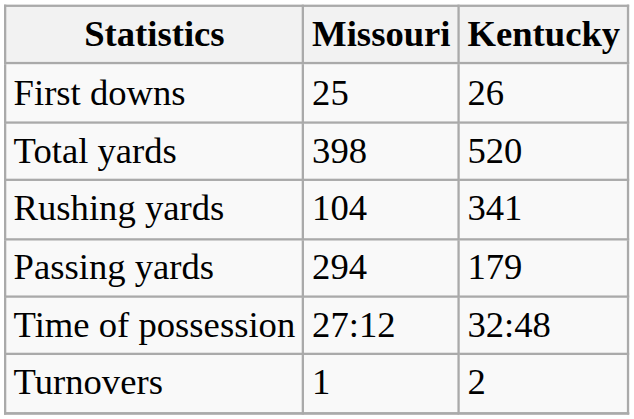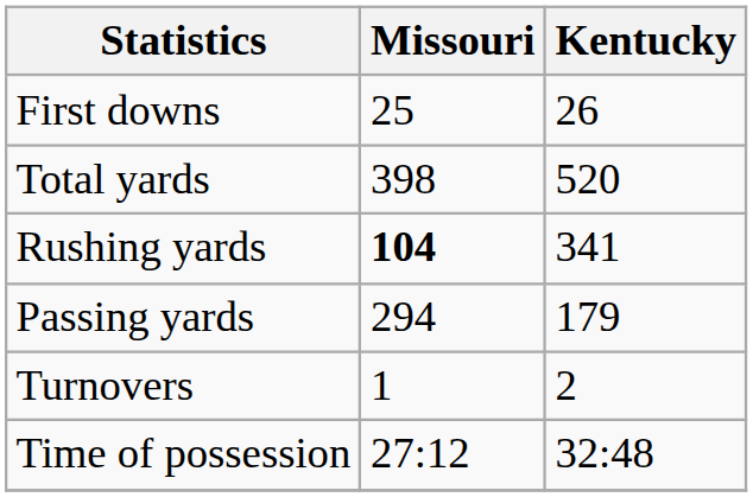 <table class="wikitable" style="float: left;">
 <tr>
 <th>Statistics</th>
 <th>Missouri</th>
 <th>Kentucky</th>
 </tr>
 <tr>
 <td>First downs</td>
 <td>25</td>
 <td>26</td>
 </tr>
 <tr>
 <td>Total yards</td>
 <td>398</td>
 <td>520</td>
 </tr>
 <tr>
 <td>Rushing yards</td>
-<td>104</td>
+<td><strong>104</strong></td>
 <td>341</td>
 </tr>
 <tr>
 <td>Passing yards</td>
 <td>294</td>
 <td>179</td>
 </tr>
 <tr>
+<td>Turnovers</td>
+<td>1</td>
+<td>2</td>
+</tr>
+<tr>
 <td>Time of possession</td>
 <td>27:12</td>
 <td>32:48</td>
 </tr>
 <tr>
-<td>Turnovers</td>
-<td>1</td>
-<td>2</td>
-</tr>
-<tr>
 </tr>
 </table>
